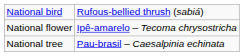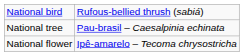 <table class="wikitable">
 <tr>
 <td><a href='#'>National bird</a></td>
 <td><a href='#'>Rufous-bellied thrush</a> (<em>sabiá</em>)</td>
 </tr>
 <tr>
+<td>National tree</td>
+<td><a href='#'>Pau-brasil</a> – <em>Caesalpinia echinata</em></td>
+</tr>
+<tr>
 <td>National flower</td>
 <td><a href='#'>Ipê-amarelo</a> – <em>Tecoma chrysostricha</em></td>
 </tr>
-<tr>
-<td>National tree</td>
-<td><a href='#'>Pau-brasil</a> – <em>Caesalpinia echinata</em></td>
-</tr>
 </table>
